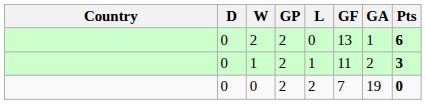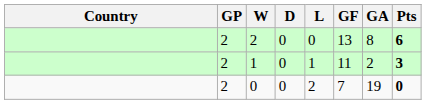 <table class="wikitable">
 <tr>
 <th width="51%"><strong>Country</strong></th>
+<th width="7%"><strong>GP</strong></th>
+<th width="7%"><strong>W</strong></th>
 <th width="7%"><strong>D</strong></th>
-<th width="7%"><strong>W</strong></th>
-<th width="7%"><strong>GP</strong></th>
 <th width="7%"><strong>L</strong></th>
 <th width="7%"><strong>GF</strong></th>
 <th width="7%"><strong>GA</strong></th>
 <th width="7%"><strong>Pts</strong></th>
 </tr>
 <tr style="background:#ccffcc;">
 <td></td>
-<td>0</td>
 <td>2</td>
 <td>2</td>
 <td>0</td>
+<td>0</td>
 <td>13</td>
-<td>1</td>
+<td>8</td>
 <td><strong>6</strong></td>
 </tr>
 <tr style="background:#ccffcc;">
 <td></td>
+<td>2</td>
+<td>1</td>
 <td>0</td>
-<td>1</td>
-<td>2</td>
 <td>1</td>
 <td>11</td>
 <td>2</td>
 <td><strong>3</strong></td>
 </tr>
 <tr>
 <td></td>
+<td>2</td>
 <td>0</td>
 <td>0</td>
-<td>2</td>
 <td>2</td>
 <td>7</td>
 <td>19</td>
 <td><strong>0</strong></td>
 </tr>
 </table>
